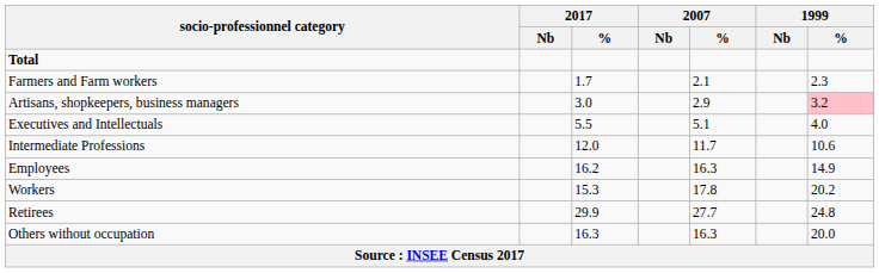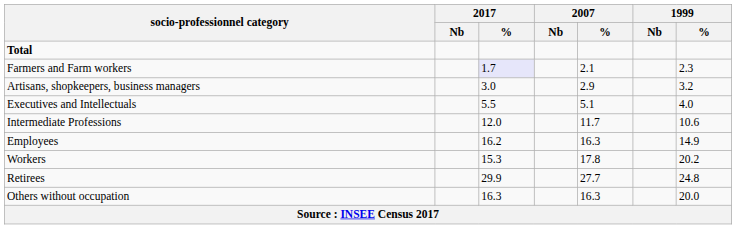 <table class="wikitable centre" width="80%">
 <tr>
 <th rowspan="2">socio-professionnel category</th>
 <th colspan="2">2017</th>
 <th colspan="2">2007</th>
 <th colspan="2">1999</th>
 </tr>
 <tr>
 <th>Nb</th>
 <th>%</th>
 <th>Nb</th>
 <th>%</th>
 <th>Nb</th>
 <th>%</th>
 </tr>
 <tr>
 <td><strong>Total</strong></td>
 <td><strong></strong></td>
 <td></td>
 <td><strong></strong></td>
 <td></td>
 <td><strong></strong></td>
 <td></td>
 </tr>
 <tr>
 <td>Farmers and Farm workers</td>
 <td></td>
-<td>1.7</td>
+<td style="background: lavender;">1.7</td>
 <td></td>
 <td>2.1</td>
 <td></td>
 <td>2.3</td>
 </tr>
 <tr>
 <td>Artisans, shopkeepers, business managers</td>
 <td></td>
 <td>3.0</td>
 <td></td>
 <td>2.9</td>
 <td></td>
-<td style="background: pink;">3.2</td>
+<td>3.2</td>
 </tr>
 <tr>
 <td>Executives and Intellectuals</td>
 <td></td>
 <td>5.5</td>
 <td></td>
 <td>5.1</td>
 <td></td>
 <td>4.0</td>
 </tr>
 <tr>
 <td>Intermediate Professions</td>
 <td></td>
 <td>12.0</td>
 <td></td>
 <td>11.7</td>
 <td></td>
 <td>10.6</td>
 </tr>
 <tr>
 <td>Employees</td>
 <td></td>
 <td>16.2</td>
 <td></td>
 <td>16.3</td>
 <td></td>
 <td>14.9</td>
 </tr>
 <tr>
 <td>Workers</td>
 <td></td>
 <td>15.3</td>
 <td></td>
 <td>17.8</td>
 <td></td>
 <td>20.2</td>
 </tr>
 <tr>
 <td>Retirees</td>
 <td></td>
 <td>29.9</td>
 <td></td>
 <td>27.7</td>
 <td></td>
 <td>24.8</td>
 </tr>
 <tr>
 <td>Others without occupation</td>
 <td></td>
 <td>16.3</td>
 <td></td>
 <td>16.3</td>
 <td></td>
 <td>20.0</td>
 </tr>
 <tr>
 <th colspan="10">Source : <a href='#'>INSEE</a> Census 2017</th>
 </tr>
 </table>
